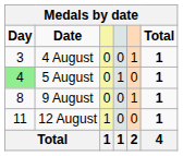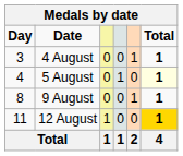 <table class="wikitable" style="font-size:85%; text-align:center;">
 <tr style="background:#efefef;">
 <th colspan=6><strong>Medals by date</strong></th>
 </tr>
 <tr>
 <td><strong>Day</strong></td>
 <td><strong>Date</strong></td>
 <td style="background:#F7F6A8;"></td>
 <td style="background:#DCE5E5;"></td>
 <td style="background:#FFDAB9;"></td>
 <td><strong>Total</strong></td>
 </tr>
 <tr>
 <td>3</td>
 <td>4 August</td>
 <td style="background:#F7F6A8;">0</td>
 <td style="background:#DCE5E5;">0</td>
 <td style="background:#FFDAB9;">1</td>
 <td><strong>1</strong></td>
 </tr>
 <tr>
-<td style="background: lightgreen;">4</td>
+<td>4</td>
 <td>5 August</td>
 <td style="background:#F7F6A8;">0</td>
 <td style="background:#DCE5E5;">1</td>
 <td style="background:#FFDAB9;">0</td>
-<td><strong>1</strong></td>
+<td style="background: lightyellow;"><strong>1</strong></td>
 </tr>
 <tr>
 <td>8</td>
 <td>9 August</td>
 <td style="background:#F7F6A8;">0</td>
 <td style="background:#DCE5E5;">0</td>
 <td style="background:#FFDAB9;">1</td>
 <td><strong>1</strong></td>
 </tr>
 <tr>
 <td>11</td>
 <td>12 August</td>
 <td style="background:#F7F6A8;">1</td>
 <td style="background:#DCE5E5;">0</td>
 <td style="background:#FFDAB9;">0</td>
-<td><strong>1</strong></td>
+<td style="background: gold;"><strong>1</strong></td>
 </tr>
 <tr>
 <th colspan="2">Total</th>
 <th>1</th>
 <th>1</th>
 <th>2</th>
 <th>4</th>
 </tr>
 </table>
